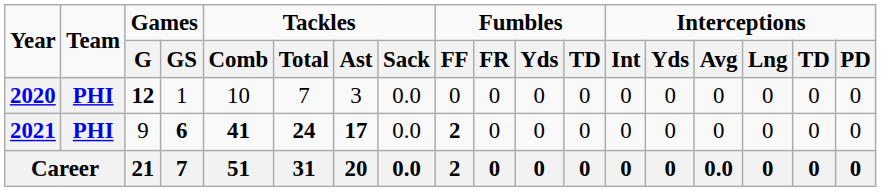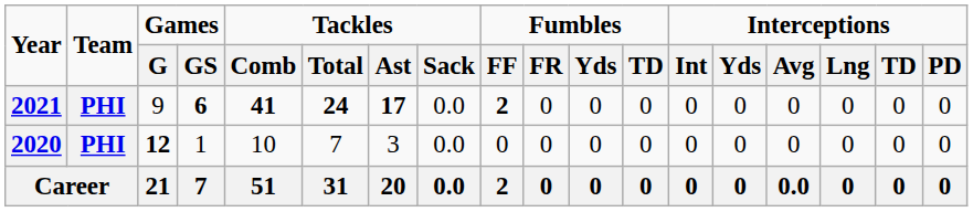 <table class="wikitable" style="text-align:center;">
 <tr style="font-weight:bold;">
 <td rowspan="2">Year</td>
 <td rowspan="2">Team</td>
 <td colspan="2">Games</td>
 <td colspan="4">Tackles</td>
 <td colspan="4">Fumbles</td>
 <td colspan="6">Interceptions</td>
 </tr>
 <tr>
 <th>G</th>
 <th>GS</th>
 <th>Comb</th>
 <th>Total</th>
 <th>Ast</th>
 <th>Sack</th>
 <th>FF</th>
 <th>FR</th>
 <th>Yds</th>
 <th>TD</th>
 <th>Int</th>
 <th>Yds</th>
 <th>Avg</th>
 <th>Lng</th>
 <th>TD</th>
 <th>PD</th>
 </tr>
 <tr>
-<th><a href='#'>2020</a></th>
+<th><a href='#'>2021</a></th>
 <th><a href='#'>PHI</a></th>
-<td><strong>12</strong></td>
-<td>1</td>
-<td>10</td>
-<td>7</td>
-<td>3</td>
+<td>9</td>
+<td><strong>6</strong></td>
+<td><strong>41</strong></td>
+<td><strong>24</strong></td>
+<td><strong>17</strong></td>
 <td>0.0</td>
-<td>0</td>
+<td><strong>2</strong></td>
 <td>0</td>
 <td>0</td>
 <td>0</td>
 <td>0</td>
 <td>0</td>
 <td>0</td>
 <td>0</td>
 <td>0</td>
 <td>0</td>
 </tr>
 <tr>
-<th><a href='#'>2021</a></th>
+<th><a href='#'>2020</a></th>
 <th><a href='#'>PHI</a></th>
-<td>9</td>
-<td><strong>6</strong></td>
-<td><strong>41</strong></td>
-<td><strong>24</strong></td>
-<td><strong>17</strong></td>
+<td><strong>12</strong></td>
+<td>1</td>
+<td>10</td>
+<td>7</td>
+<td>3</td>
 <td>0.0</td>
-<td><strong>2</strong></td>
+<td>0</td>
 <td>0</td>
 <td>0</td>
 <td>0</td>
 <td>0</td>
 <td>0</td>
 <td>0</td>
 <td>0</td>
 <td>0</td>
 <td>0</td>
 </tr>
 <tr>
 <th colspan="2">Career</th>
 <th>21</th>
 <th>7</th>
 <th>51</th>
 <th>31</th>
 <th>20</th>
 <th>0.0</th>
 <th>2</th>
 <th>0</th>
 <th>0</th>
 <th>0</th>
 <th>0</th>
 <th>0</th>
 <th>0.0</th>
 <th>0</th>
 <th>0</th>
 <th>0</th>
 </tr>
 </table>
